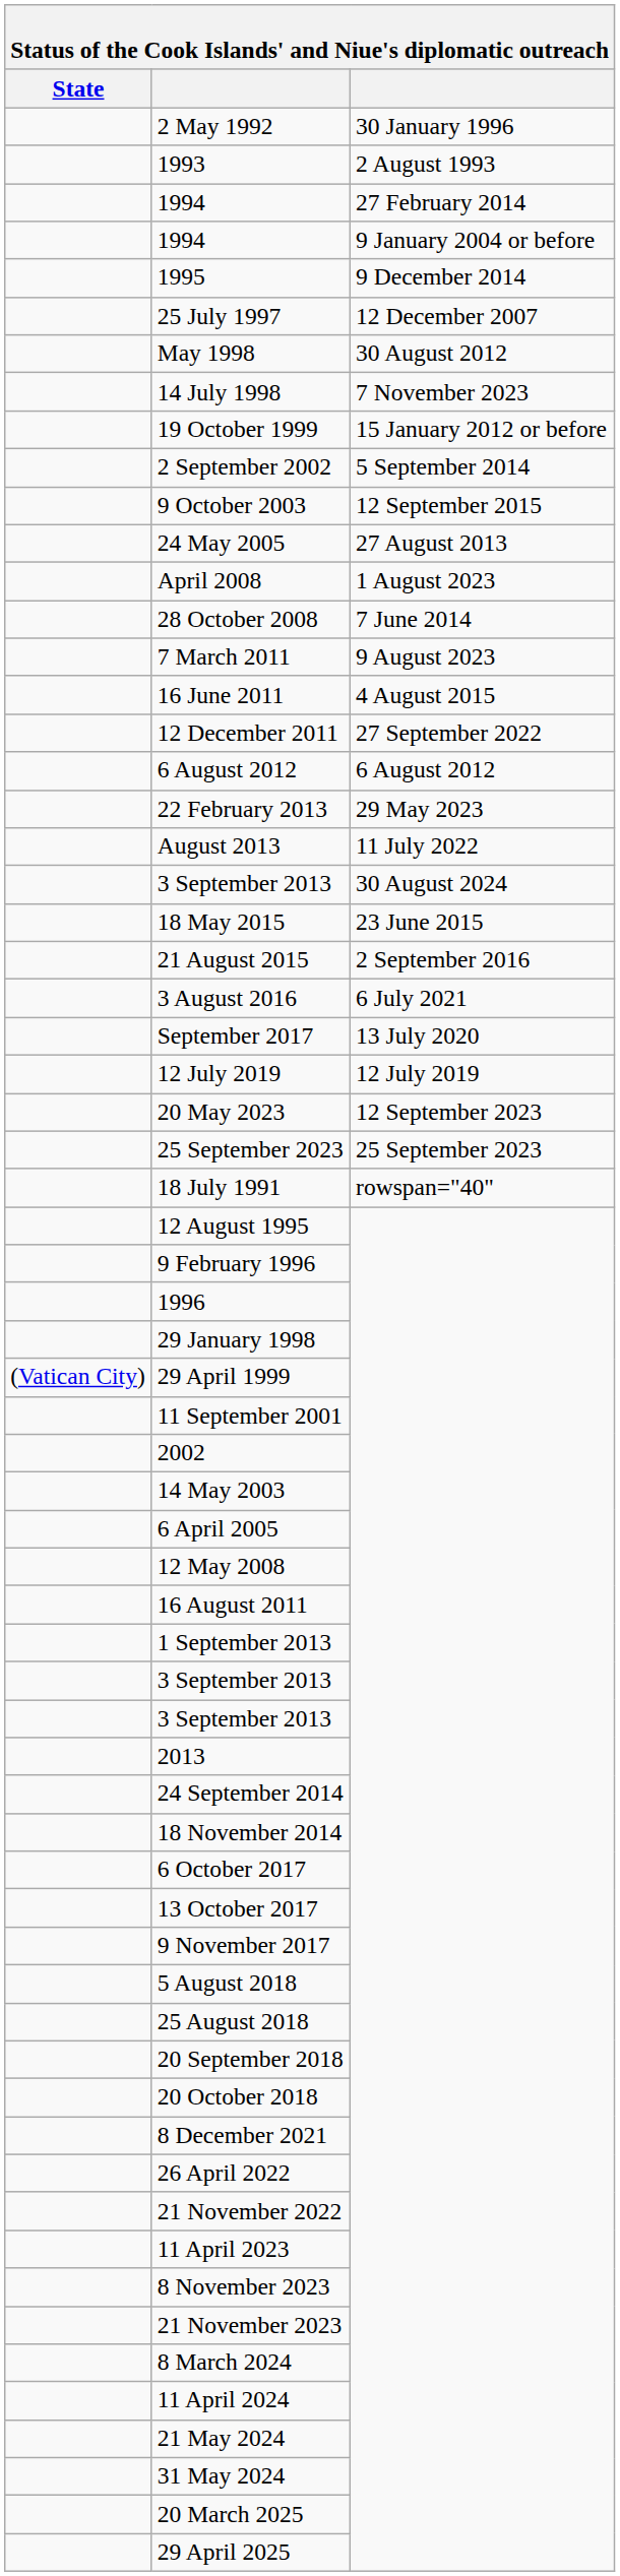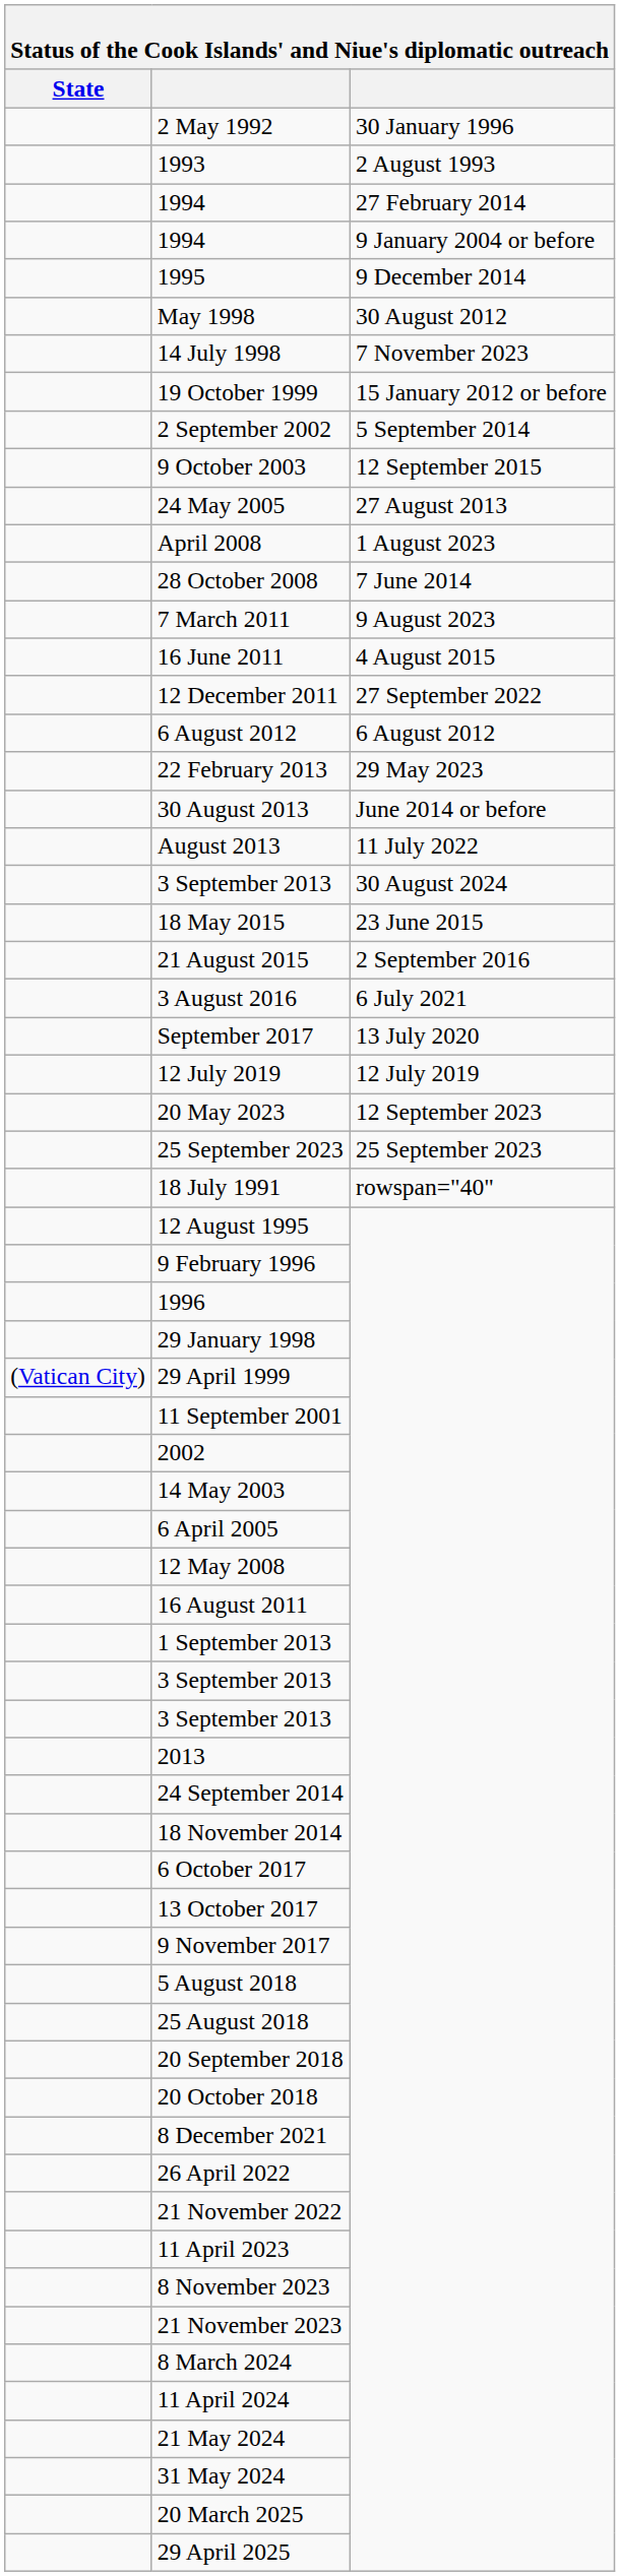 <table class="wikitable">
 <tr>
 <th colspan="3"><br>Status of the Cook Islands' and Niue's diplomatic outreach    </th>
 </tr>
 <tr>
 <th scope="col"><a href='#'>State</a></th>
 <th scope="col"></th>
 <th scope="col"></th>
 </tr>
 <tr>
 <td></td>
 <td>2 May 1992</td>
 <td>30 January 1996</td>
 </tr>
 <tr>
 <td></td>
 <td>1993</td>
 <td>2 August 1993</td>
 </tr>
 <tr>
 <td></td>
 <td>1994</td>
 <td>27 February 2014</td>
 </tr>
 <tr>
 <td></td>
 <td>1994</td>
 <td>9 January 2004 or before</td>
 </tr>
 <tr>
 <td></td>
 <td>1995</td>
 <td>9 December 2014</td>
-</tr>
-<tr>
-<td></td>
-<td>25 July 1997</td>
-<td>12 December 2007</td>
 </tr>
 <tr>
 <td></td>
 <td>May 1998</td>
 <td>30 August 2012</td>
 </tr>
 <tr>
 <td></td>
 <td>14 July 1998</td>
 <td>7 November 2023</td>
 </tr>
 <tr>
 <td></td>
 <td>19 October 1999</td>
 <td>15 January 2012 or before</td>
 </tr>
 <tr>
 <td></td>
 <td>2 September 2002</td>
 <td>5 September 2014</td>
 </tr>
 <tr>
 <td></td>
 <td>9 October 2003</td>
 <td>12 September 2015</td>
 </tr>
 <tr>
 <td></td>
 <td>24 May 2005</td>
 <td>27 August 2013</td>
 </tr>
 <tr>
 <td></td>
 <td>April 2008</td>
 <td>1 August 2023</td>
 </tr>
 <tr>
 <td></td>
 <td>28 October 2008</td>
 <td>7 June 2014</td>
 </tr>
 <tr>
 <td></td>
 <td>7 March 2011</td>
 <td>9 August 2023</td>
 </tr>
 <tr>
 <td></td>
 <td>16 June 2011</td>
 <td>4 August 2015</td>
 </tr>
 <tr>
 <td></td>
 <td>12 December 2011</td>
 <td>27 September 2022</td>
 </tr>
 <tr>
 <td></td>
 <td>6 August 2012</td>
 <td>6 August 2012</td>
 </tr>
 <tr>
 <td></td>
 <td>22 February 2013</td>
 <td>29 May 2023</td>
+</tr>
+<tr>
+<td></td>
+<td>30 August 2013</td>
+<td>June 2014 or before</td>
 </tr>
 <tr>
 <td></td>
 <td>August 2013</td>
 <td>11 July 2022</td>
 </tr>
 <tr>
 <td></td>
 <td>3 September 2013</td>
 <td>30 August 2024</td>
 </tr>
 <tr>
 <td></td>
 <td>18 May 2015</td>
 <td>23 June 2015</td>
 </tr>
 <tr>
 <td></td>
 <td>21 August 2015</td>
 <td>2 September 2016</td>
 </tr>
 <tr>
 <td></td>
 <td>3 August 2016</td>
 <td>6 July 2021</td>
 </tr>
 <tr>
 <td></td>
 <td>September 2017</td>
 <td>13 July 2020</td>
 </tr>
 <tr>
 <td></td>
 <td>12 July 2019</td>
 <td>12 July 2019</td>
 </tr>
 <tr>
 <td></td>
 <td>20 May 2023</td>
 <td>12 September 2023</td>
 </tr>
 <tr>
 <td></td>
 <td>25 September 2023</td>
 <td>25 September 2023</td>
 </tr>
 <tr>
 <td></td>
 <td>18 July  1991</td>
 <td>rowspan="40" </td>
 </tr>
 <tr>
 <td></td>
 <td>12 August 1995</td>
 </tr>
 <tr>
 <td></td>
 <td>9 February 1996</td>
 </tr>
 <tr>
 <td></td>
 <td>1996</td>
 </tr>
 <tr>
 <td></td>
 <td>29 January 1998</td>
 </tr>
 <tr>
 <td> (<a href='#'>Vatican City</a>)</td>
 <td>29 April 1999</td>
 </tr>
 <tr>
 <td></td>
 <td>11 September 2001</td>
 </tr>
 <tr>
 <td></td>
 <td>2002</td>
 </tr>
 <tr>
 <td></td>
 <td>14 May  2003</td>
 </tr>
 <tr>
 <td></td>
 <td>6 April 2005</td>
 </tr>
 <tr>
 <td></td>
 <td>12 May  2008</td>
 </tr>
 <tr>
 <td></td>
 <td>16 August 2011</td>
 </tr>
 <tr>
 <td></td>
 <td>1 September 2013</td>
 </tr>
 <tr>
 <td></td>
 <td>3 September 2013</td>
 </tr>
 <tr>
 <td></td>
 <td>3 September 2013</td>
 </tr>
 <tr>
 <td></td>
 <td>2013</td>
 </tr>
 <tr>
 <td></td>
 <td>24 September 2014</td>
 </tr>
 <tr>
 <td></td>
 <td>18 November 2014</td>
 </tr>
 <tr>
 <td></td>
 <td>6 October 2017</td>
 </tr>
 <tr>
 <td></td>
 <td>13 October 2017</td>
 </tr>
 <tr>
 <td></td>
 <td>9 November 2017</td>
 </tr>
 <tr>
 <td></td>
 <td>5 August 2018</td>
 </tr>
 <tr>
 <td></td>
 <td>25 August 2018</td>
 </tr>
 <tr>
 <td></td>
 <td>20 September 2018</td>
 </tr>
 <tr>
 <td></td>
 <td>20 October 2018</td>
 </tr>
 <tr>
 <td></td>
 <td>8 December 2021</td>
 </tr>
 <tr>
 <td></td>
 <td>26 April 2022</td>
 </tr>
 <tr>
 <td></td>
 <td>21 November 2022</td>
 </tr>
 <tr>
 <td></td>
 <td>11 April 2023</td>
 </tr>
 <tr>
 <td></td>
 <td>8 November 2023</td>
 </tr>
 <tr>
 <td></td>
 <td>21 November 2023</td>
 </tr>
 <tr>
 <td></td>
 <td>8 March 2024</td>
 </tr>
 <tr>
 <td></td>
 <td>11 April 2024</td>
 </tr>
 <tr>
 <td></td>
 <td>21 May 2024</td>
 </tr>
 <tr>
 <td></td>
 <td>31 May 2024</td>
 </tr>
 <tr>
 <td></td>
 <td>20 March 2025</td>
 </tr>
 <tr>
 <td></td>
 <td>29 April 2025</td>
 </tr>
 </table>
